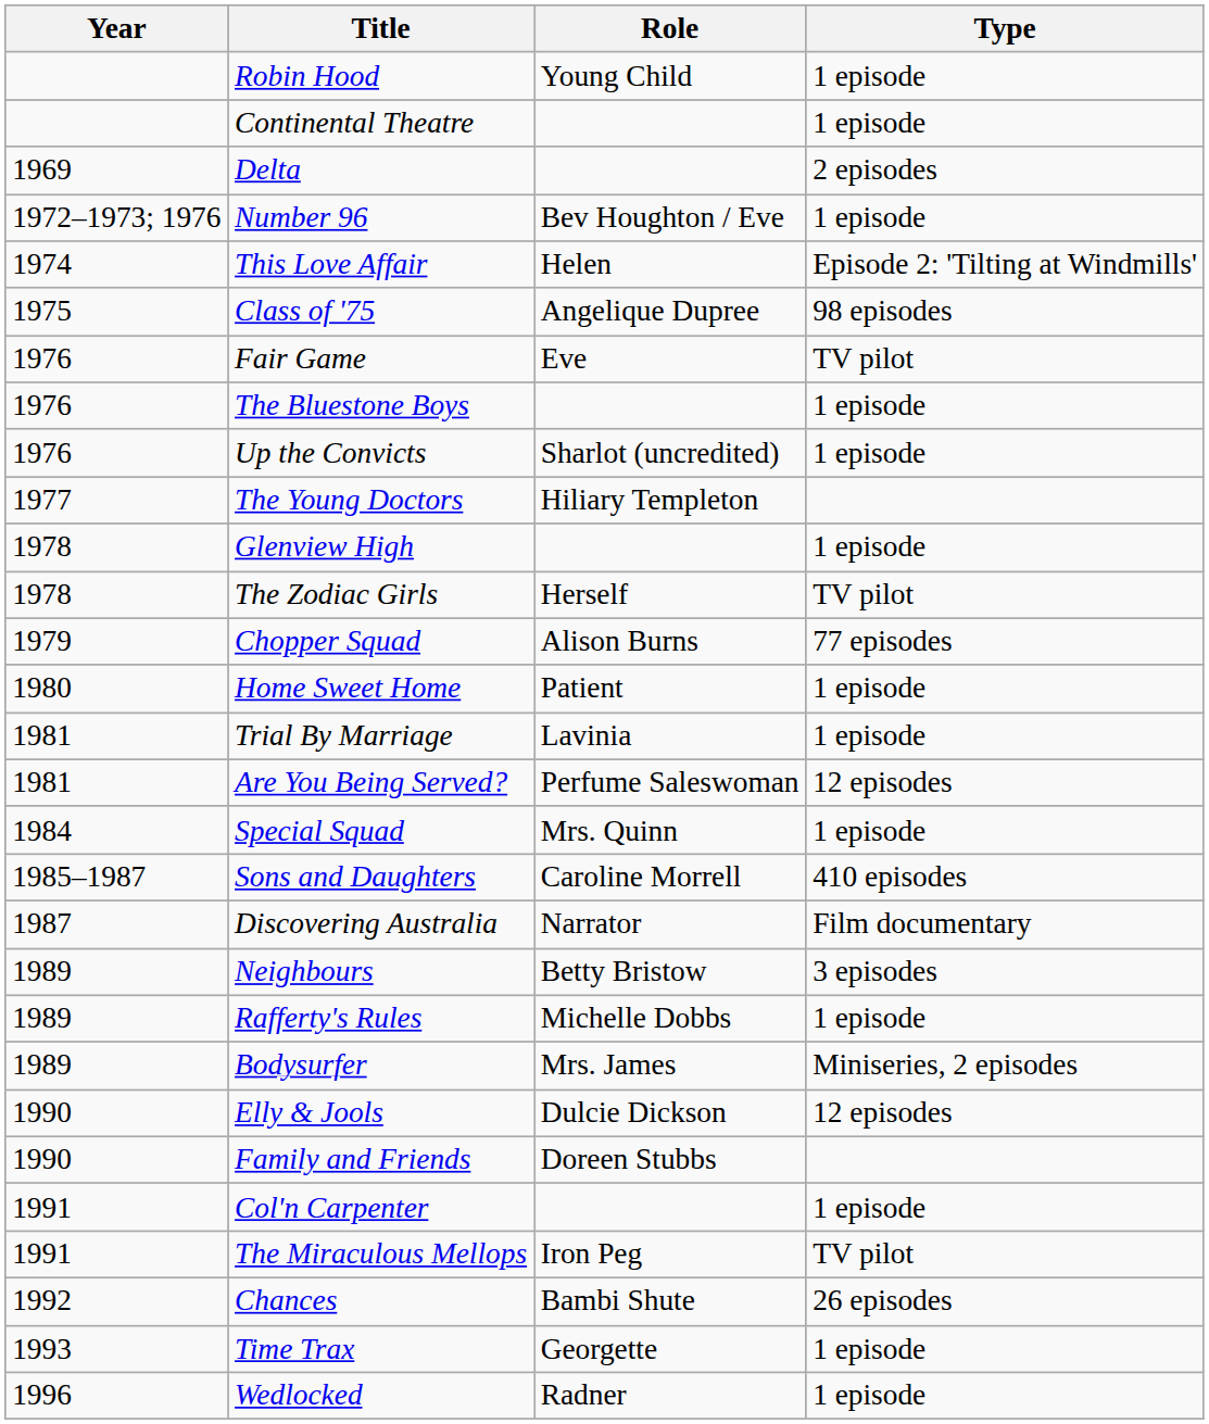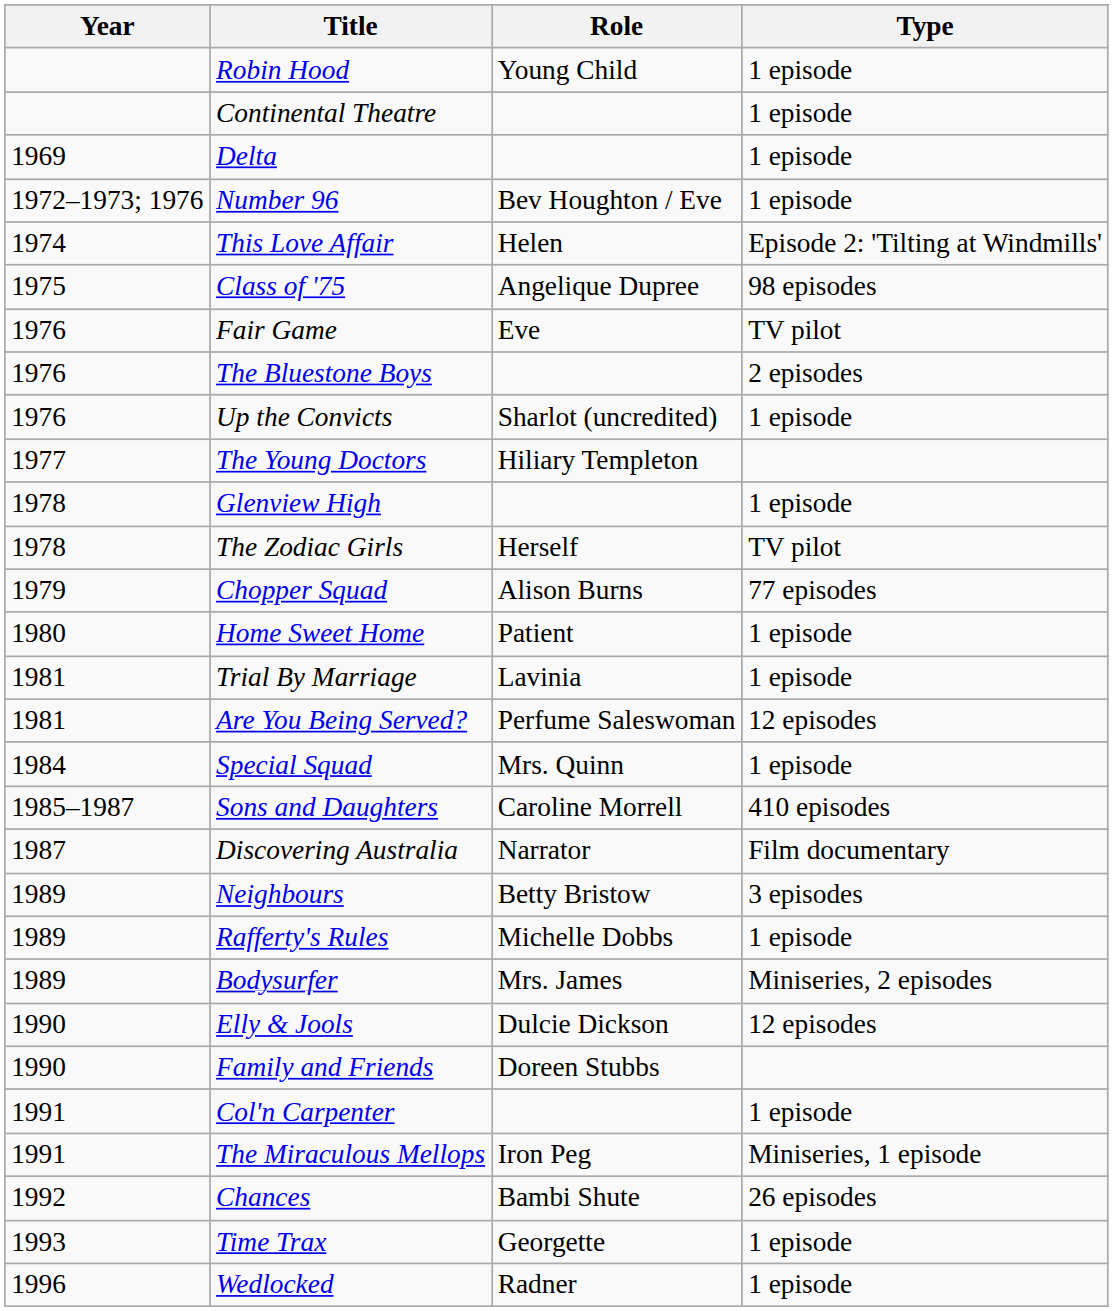 <table class="wikitable">
 <tr>
 <th>Year</th>
 <th>Title</th>
 <th>Role</th>
 <th>Type</th>
 </tr>
 <tr>
 <td></td>
 <td><em><a href='#'>Robin Hood</a></em></td>
 <td>Young Child</td>
 <td>1 episode</td>
 </tr>
 <tr>
 <td></td>
 <td><em>Continental Theatre</em></td>
 <td></td>
 <td>1 episode</td>
 </tr>
 <tr>
 <td>1969</td>
 <td><em><a href='#'>Delta</a></em></td>
 <td></td>
-<td>2 episodes</td>
+<td>1 episode</td>
 </tr>
 <tr>
 <td>1972–1973; 1976</td>
 <td><em><a href='#'>Number 96</a></em></td>
 <td>Bev Houghton / Eve</td>
 <td>1 episode</td>
 </tr>
 <tr>
 <td>1974</td>
 <td><em><a href='#'>This Love Affair</a></em></td>
 <td>Helen</td>
 <td>Episode 2: 'Tilting at Windmills'</td>
 </tr>
 <tr>
 <td>1975</td>
 <td><em><a href='#'>Class of '75</a></em></td>
 <td>Angelique Dupree</td>
 <td>98 episodes</td>
 </tr>
 <tr>
 <td>1976</td>
 <td><em>Fair Game</em></td>
 <td>Eve</td>
 <td>TV pilot</td>
 </tr>
 <tr>
 <td>1976</td>
 <td><em><a href='#'>The Bluestone Boys</a></em></td>
 <td></td>
-<td>1 episode</td>
+<td>2 episodes</td>
 </tr>
 <tr>
 <td>1976</td>
 <td><em>Up the Convicts</em></td>
 <td>Sharlot (uncredited)</td>
 <td>1 episode</td>
 </tr>
 <tr>
 <td>1977</td>
 <td><em><a href='#'>The Young Doctors</a></em></td>
 <td>Hiliary Templeton</td>
 <td></td>
 </tr>
 <tr>
 <td>1978</td>
 <td><em><a href='#'>Glenview High</a></em></td>
 <td></td>
 <td>1 episode</td>
 </tr>
 <tr>
 <td>1978</td>
 <td><em>The Zodiac Girls</em></td>
 <td>Herself</td>
 <td>TV pilot</td>
 </tr>
 <tr>
 <td>1979</td>
 <td><em><a href='#'>Chopper Squad</a></em></td>
 <td>Alison Burns</td>
 <td>77 episodes</td>
 </tr>
 <tr>
 <td>1980</td>
 <td><em><a href='#'>Home Sweet Home</a></em></td>
 <td>Patient</td>
 <td>1 episode</td>
 </tr>
 <tr>
 <td>1981</td>
 <td><em>Trial By Marriage</em></td>
 <td>Lavinia</td>
 <td>1 episode</td>
 </tr>
 <tr>
 <td>1981</td>
 <td><em><a href='#'>Are You Being Served?</a></em></td>
 <td>Perfume Saleswoman</td>
 <td>12 episodes</td>
 </tr>
 <tr>
 <td>1984</td>
 <td><em><a href='#'>Special Squad</a></em></td>
 <td>Mrs. Quinn</td>
 <td>1 episode</td>
 </tr>
 <tr>
 <td>1985–1987</td>
 <td><em><a href='#'>Sons and Daughters</a></em></td>
 <td>Caroline Morrell</td>
 <td>410 episodes</td>
 </tr>
 <tr>
 <td>1987</td>
 <td><em>Discovering Australia</em></td>
 <td>Narrator</td>
 <td>Film documentary</td>
 </tr>
 <tr>
 <td>1989</td>
 <td><em><a href='#'>Neighbours</a></em></td>
 <td>Betty Bristow</td>
 <td>3 episodes</td>
 </tr>
 <tr>
 <td>1989</td>
 <td><em><a href='#'>Rafferty's Rules</a></em></td>
 <td>Michelle Dobbs</td>
 <td>1 episode</td>
 </tr>
 <tr>
 <td>1989</td>
 <td><em><a href='#'>Bodysurfer</a></em></td>
 <td>Mrs. James</td>
 <td>Miniseries, 2 episodes</td>
 </tr>
 <tr>
 <td>1990</td>
 <td><em><a href='#'>Elly & Jools</a></em></td>
 <td>Dulcie Dickson</td>
 <td>12 episodes</td>
 </tr>
 <tr>
 <td>1990</td>
 <td><em><a href='#'>Family and Friends</a></em></td>
 <td>Doreen Stubbs</td>
 <td></td>
 </tr>
 <tr>
 <td>1991</td>
 <td><em><a href='#'>Col'n Carpenter</a></em></td>
 <td></td>
 <td>1 episode</td>
 </tr>
 <tr>
 <td>1991</td>
 <td><em><a href='#'>The Miraculous Mellops</a></em></td>
 <td>Iron Peg</td>
-<td>TV pilot</td>
+<td>Miniseries, 1 episode</td>
 </tr>
 <tr>
 <td>1992</td>
 <td><em><a href='#'>Chances</a></em></td>
 <td>Bambi Shute</td>
 <td>26 episodes</td>
 </tr>
 <tr>
 <td>1993</td>
 <td><em><a href='#'>Time Trax</a></em></td>
 <td>Georgette</td>
 <td>1 episode</td>
 </tr>
 <tr>
 <td>1996</td>
 <td><em><a href='#'>Wedlocked</a></em></td>
 <td>Radner</td>
 <td>1 episode</td>
 </tr>
 </table>
